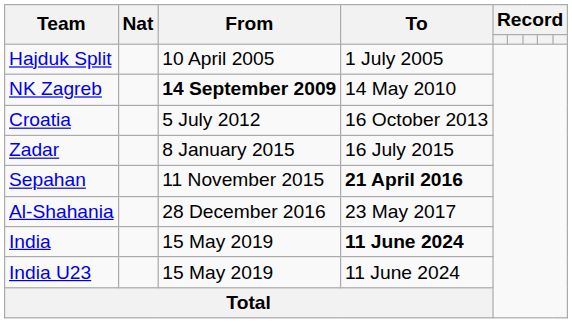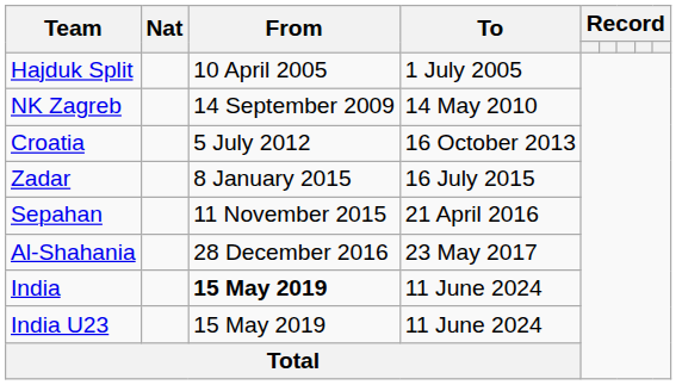 <table class=wikitable style=text-align:center>
 <tr>
 <th rowspan=2>Team</th>
 <th rowspan="2">Nat</th>
 <th rowspan="2">From</th>
 <th rowspan=2>To</th>
 <th colspan=5>Record</th>
 </tr>
 <tr>
 <th></th>
 <th></th>
 <th></th>
 <th></th>
 <th></th>
 </tr>
 <tr>
 <td align=left><a href='#'>Hajduk Split</a></td>
 <td></td>
 <td align="left">10 April 2005</td>
 <td align=left>1 July 2005<br></td>
 </tr>
 <tr>
 <td align=left><a href='#'>NK Zagreb</a></td>
 <td></td>
-<td align="left"><strong>14 September 2009</strong></td>
+<td align="left">14 September 2009</td>
 <td align=left>14 May 2010<br></td>
 </tr>
 <tr>
 <td align=left><a href='#'>Croatia</a></td>
 <td></td>
 <td align="left">5 July 2012</td>
 <td align=left>16 October 2013<br></td>
 </tr>
 <tr>
 <td align=left><a href='#'>Zadar</a></td>
 <td></td>
 <td align="left">8 January 2015</td>
 <td align=left>16 July 2015<br></td>
 </tr>
 <tr>
 <td align=left><a href='#'>Sepahan</a></td>
 <td></td>
 <td align="left">11 November 2015</td>
-<td align=left><strong>21 April 2016<br></strong></td>
+<td align=left>21 April 2016<br></td>
 </tr>
 <tr>
 <td align=left><a href='#'>Al-Shahania</a></td>
 <td></td>
 <td align="left">28 December 2016</td>
 <td align=left>23 May 2017<br></td>
 </tr>
 <tr>
 <td align=left><a href='#'>India</a></td>
 <td></td>
-<td align="left">15 May 2019</td>
-<td align=left><strong>11 June 2024<br></strong></td>
+<td align="left"><strong>15 May 2019</strong></td>
+<td align=left>11 June 2024<br></td>
 </tr>
 <tr>
 <td align=left><a href='#'>India U23</a></td>
 <td></td>
 <td align="left">15 May 2019</td>
 <td align=left>11 June 2024<br></td>
 </tr>
 <tr>
 <th colspan="4">Total<br></th>
 </tr>
 </table>
